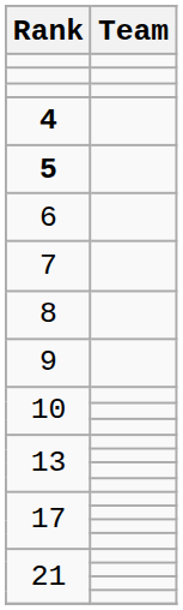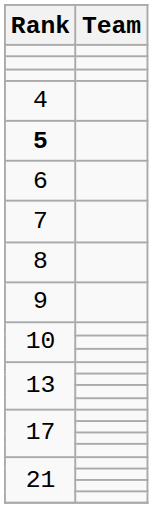 <table class="wikitable">
 <tr>
 <th>Rank</th>
 <th>Team</th>
 </tr>
 <tr>
 <td align=center></td>
 <td></td>
 </tr>
 <tr>
 <td align=center></td>
 <td></td>
 </tr>
 <tr>
 <td align=center></td>
 <td></td>
 </tr>
 <tr>
-<td align=center><strong>4</strong></td>
+<td align=center>4</td>
 <td></td>
 </tr>
 <tr>
 <td align=center><strong>5</strong></td>
 <td></td>
 </tr>
 <tr>
 <td align=center>6</td>
 <td></td>
 </tr>
 <tr>
 <td align=center>7</td>
 <td></td>
 </tr>
 <tr>
 <td align=center>8</td>
 <td></td>
 </tr>
 <tr>
 <td align=center>9</td>
 <td></td>
 </tr>
 <tr>
 <td rowspan=3 align=center>10</td>
 <td></td>
 </tr>
 <tr>
 <td></td>
 </tr>
 <tr>
 <td></td>
 </tr>
 <tr>
 <td rowspan=4 align=center>13</td>
 <td></td>
 </tr>
 <tr>
 <td></td>
 </tr>
 <tr>
 <td></td>
 </tr>
 <tr>
 <td></td>
 </tr>
 <tr>
 <td rowspan=4 align=center>17</td>
 <td></td>
 </tr>
 <tr>
 <td></td>
 </tr>
 <tr>
 <td></td>
 </tr>
 <tr>
 <td></td>
 </tr>
 <tr>
 <td rowspan=4 align=center>21</td>
 <td></td>
 </tr>
 <tr>
 <td></td>
 </tr>
 <tr>
 <td></td>
 </tr>
 <tr>
 <td></td>
 </tr>
 <tr>
 </tr>
 </table>
